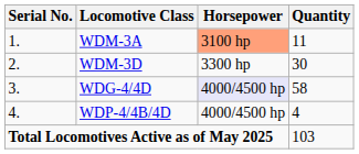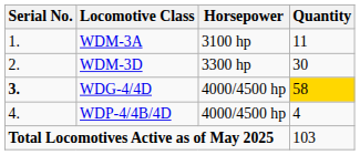 <table class="wikitable">
 <tr>
 <th>Serial No.</th>
 <th>Locomotive Class</th>
 <th>Horsepower</th>
 <th>Quantity</th>
 </tr>
 <tr>
 <td>1.</td>
 <td><a href='#'>WDM-3A</a></td>
-<td style="background: lightsalmon;">3100 hp</td>
+<td>3100 hp</td>
 <td>11</td>
 </tr>
 <tr>
 <td>2.</td>
 <td><a href='#'>WDM-3D</a></td>
 <td>3300 hp</td>
 <td>30</td>
 </tr>
 <tr>
-<td>3.</td>
+<td><strong>3.</strong></td>
 <td><a href='#'>WDG-4/4D</a></td>
-<td style="background: lavender;">4000/4500 hp</td>
-<td>58</td>
+<td>4000/4500 hp</td>
+<td style="background: gold;">58</td>
 </tr>
 <tr>
 <td>4.</td>
 <td><a href='#'>WDP-4/4B/4D</a></td>
 <td>4000/4500 hp</td>
 <td>4</td>
 </tr>
 <tr>
 <td colspan="3"><strong>Total Locomotives Active as of May 2025</strong></td>
 <td>103</td>
 </tr>
 </table>
